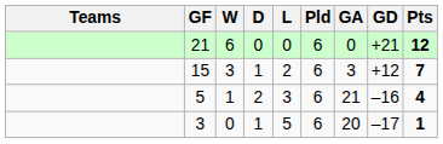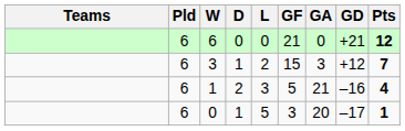 <table class="wikitable" style="text-align: center;">
 <tr>
 <th width=165>Teams</th>
-<th width=20>GF</th>
+<th width=20>Pld</th>
 <th width=20>W</th>
 <th width=20>D</th>
 <th width=20>L</th>
-<th width=20>Pld</th>
+<th width=20>GF</th>
 <th width=20>GA</th>
 <th width=20>GD</th>
 <th width=20>Pts</th>
 </tr>
 <tr align=center style="background:#ccffcc;">
 <td style="text-align:left;"></td>
-<td>21</td>
+<td>6</td>
 <td>6</td>
 <td>0</td>
 <td>0</td>
-<td>6</td>
+<td>21</td>
 <td>0</td>
 <td>+21</td>
 <td><strong>12</strong></td>
 </tr>
 <tr align=center>
 <td style="text-align:left;"></td>
-<td>15</td>
+<td>6</td>
 <td>3</td>
 <td>1</td>
 <td>2</td>
-<td>6</td>
+<td>15</td>
 <td>3</td>
 <td>+12</td>
 <td><strong>7</strong></td>
 </tr>
 <tr align=center>
 <td style="text-align:left;"></td>
-<td>5</td>
+<td>6</td>
 <td>1</td>
 <td>2</td>
 <td>3</td>
-<td>6</td>
+<td>5</td>
 <td>21</td>
 <td>–16</td>
 <td><strong>4</strong></td>
 </tr>
 <tr align=center>
 <td style="text-align:left;"></td>
-<td>3</td>
+<td>6</td>
 <td>0</td>
 <td>1</td>
 <td>5</td>
-<td>6</td>
+<td>3</td>
 <td>20</td>
 <td>–17</td>
 <td><strong>1</strong></td>
 </tr>
 </table>
